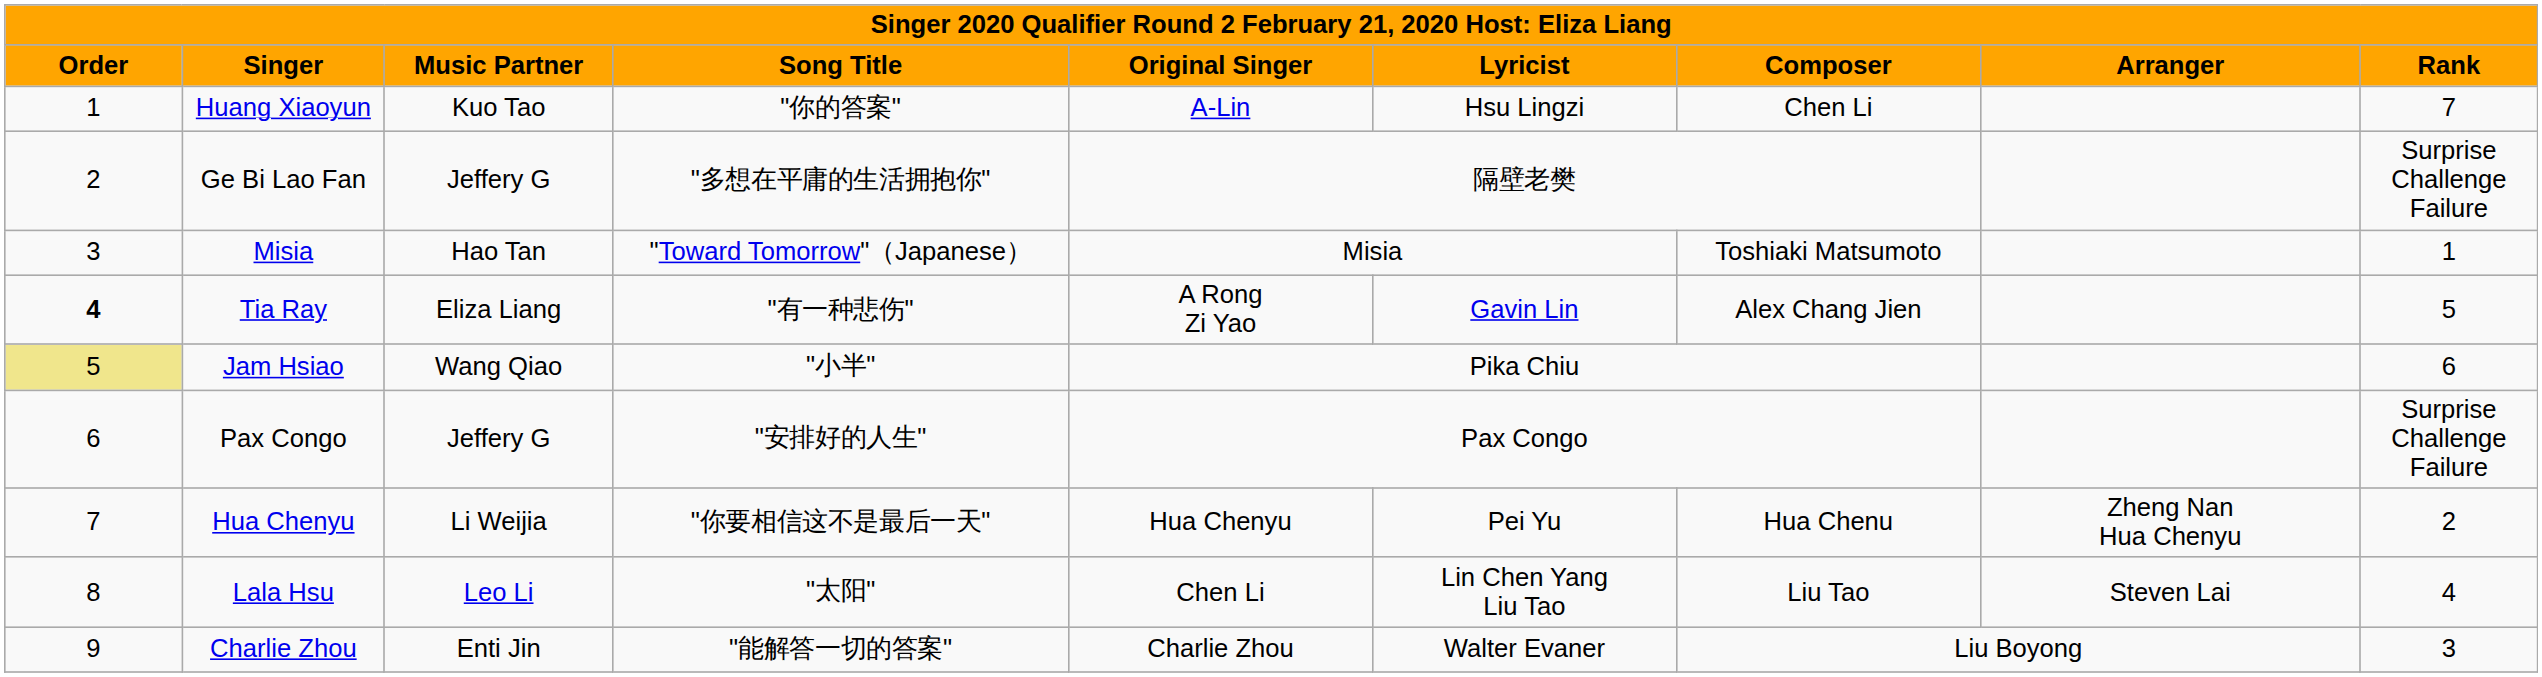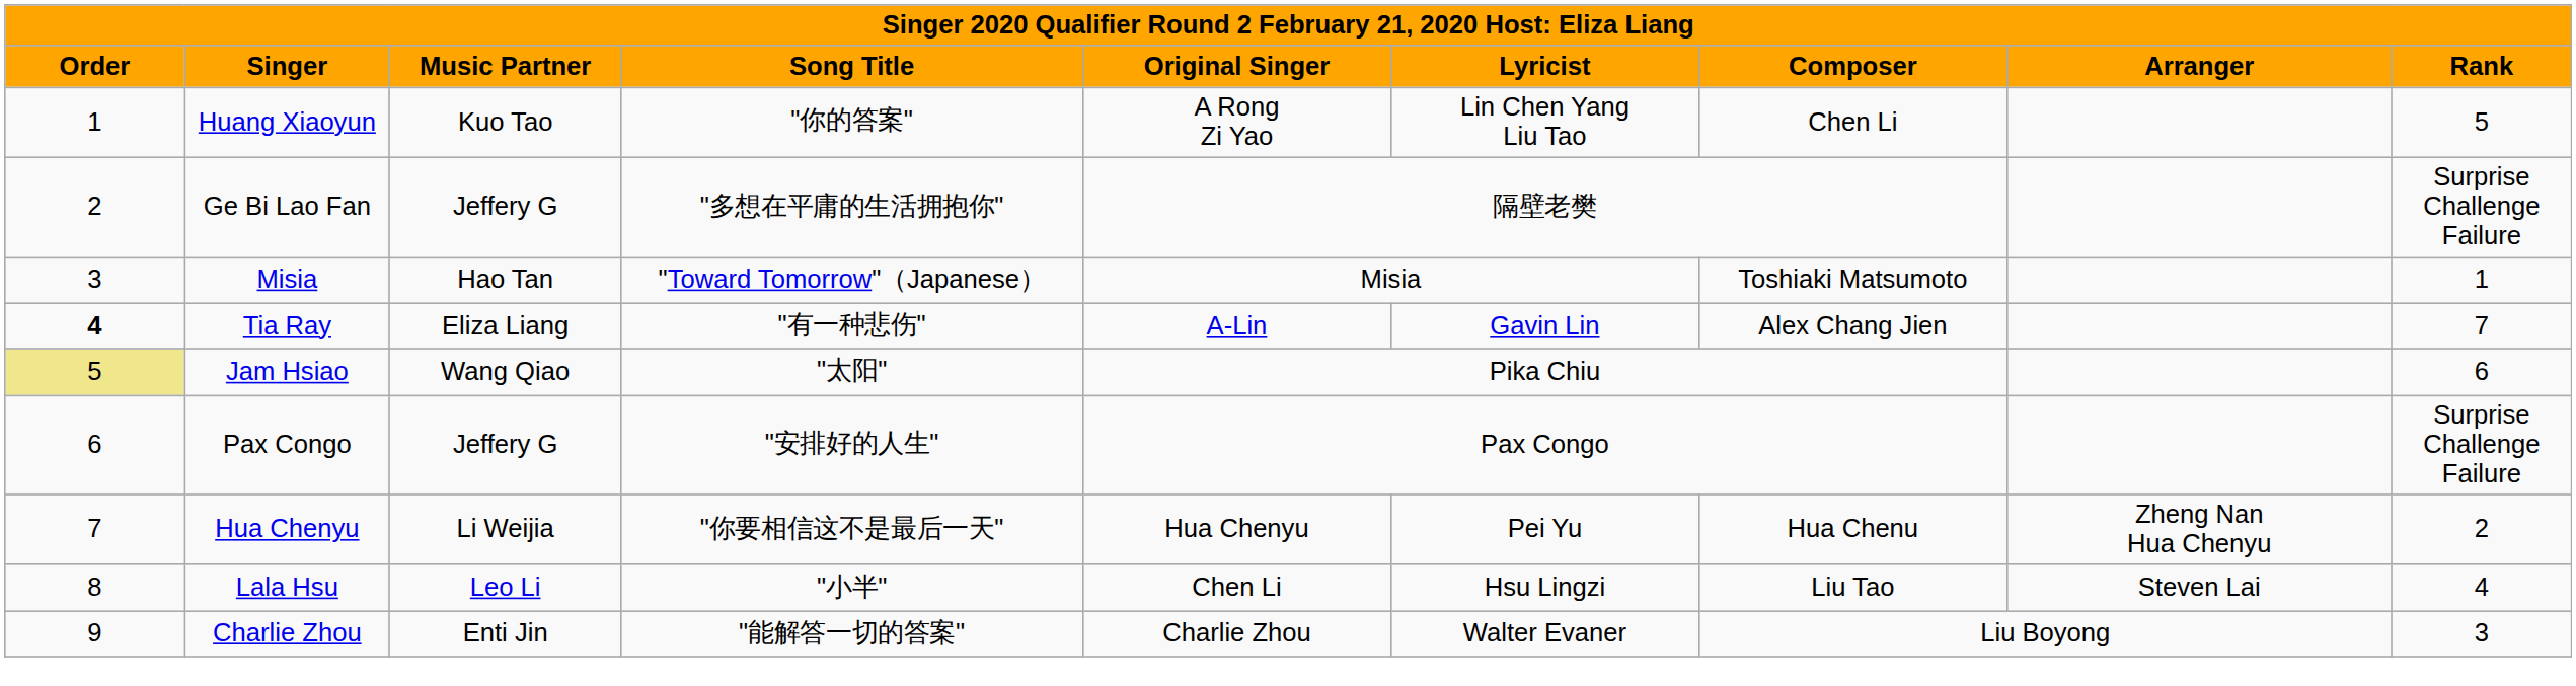 <table class="wikitable sortable mw-collapsible" width="100%" style="text-align:center">
 <tr align=center style="background:orange">
 <td colspan="9"><div><strong>Singer 2020 Qualifier Round 2 February 21, 2020 Host: Eliza Liang</strong></div></td>
 </tr>
 <tr style="background:orange">
 <td style="width:7%"><strong>Order</strong></td>
 <td style="width:8%"><strong>Singer</strong></td>
 <td style="width:9%"><strong>Music Partner</strong></td>
 <td style="width:18%"><strong>Song Title</strong></td>
 <td style="width:12%"><strong>Original Singer</strong></td>
 <td style="width:12% "><strong>Lyricist</strong></td>
 <td style="width:12%"><strong>Composer</strong></td>
 <td style="width:15%"><strong>Arranger</strong></td>
 <td style="width:7%"><strong>Rank</strong></td>
 </tr>
 <tr>
 <td>1</td>
 <td><a href='#'>Huang Xiaoyun</a></td>
 <td>Kuo Tao</td>
 <td>"你的答案"</td>
-<td><a href='#'>A-Lin</a></td>
-<td>Hsu Lingzi</td>
+<td>A Rong<br>Zi Yao</td>
+<td>Lin Chen Yang<br>Liu Tao</td>
 <td>Chen Li</td>
 <td></td>
-<td>7</td>
+<td>5</td>
 </tr>
 <tr>
 <td>2</td>
 <td>Ge Bi Lao Fan</td>
 <td>Jeffery G</td>
 <td>"多想在平庸的生活拥抱你"</td>
 <td colspan=3>隔壁老樊</td>
 <td></td>
 <td>Surprise Challenge Failure</td>
 </tr>
 <tr>
 <td>3</td>
 <td><a href='#'>Misia</a></td>
 <td>Hao Tan</td>
 <td>"<a href='#'>Toward Tomorrow</a>"（Japanese）</td>
 <td colspan=2>Misia</td>
 <td>Toshiaki Matsumoto</td>
 <td></td>
 <td>1</td>
 </tr>
 <tr>
 <td><strong>4</strong></td>
 <td><a href='#'>Tia Ray</a></td>
 <td>Eliza Liang</td>
 <td>"有一种悲伤"</td>
-<td>A Rong<br>Zi Yao</td>
+<td><a href='#'>A-Lin</a></td>
 <td><a href='#'>Gavin Lin</a></td>
 <td>Alex Chang Jien</td>
 <td></td>
-<td>5</td>
+<td>7</td>
 </tr>
 <tr>
 <td style="background: khaki;">5</td>
 <td><a href='#'>Jam Hsiao</a></td>
 <td>Wang Qiao</td>
-<td>"小半"</td>
+<td>"太阳"</td>
 <td colspan=3>Pika Chiu</td>
 <td></td>
 <td>6</td>
 </tr>
 <tr>
 <td>6</td>
 <td>Pax Congo</td>
 <td>Jeffery G</td>
 <td>"安排好的人生"</td>
 <td colspan=3>Pax Congo</td>
 <td></td>
 <td>Surprise Challenge Failure</td>
 </tr>
 <tr>
 <td>7</td>
 <td><a href='#'>Hua Chenyu</a></td>
 <td>Li Weijia</td>
 <td>"你要相信这不是最后一天"</td>
 <td>Hua Chenyu</td>
 <td>Pei Yu</td>
 <td>Hua Chenu</td>
 <td>Zheng Nan<br>Hua Chenyu</td>
 <td>2</td>
 </tr>
 <tr>
 <td>8</td>
 <td><a href='#'>Lala Hsu</a></td>
 <td><a href='#'>Leo Li</a></td>
-<td>"太阳"</td>
+<td>"小半"</td>
 <td>Chen Li</td>
-<td>Lin Chen Yang<br>Liu Tao</td>
+<td>Hsu Lingzi</td>
 <td>Liu Tao</td>
 <td>Steven Lai</td>
 <td>4</td>
 </tr>
 <tr>
 <td>9</td>
 <td><a href='#'>Charlie Zhou</a></td>
 <td>Enti Jin</td>
 <td>"能解答一切的答案"</td>
 <td>Charlie Zhou</td>
 <td>Walter Evaner</td>
 <td colspan=2>Liu Boyong</td>
 <td>3</td>
 </tr>
 </table>
